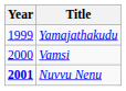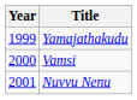 <table class="wikitable">
 <tr style="background:#ccc; text-align:center;">
 <th>Year</th>
 <th>Title</th>
 </tr>
 <tr>
 <td><a href='#'>1999</a></td>
 <td><em><a href='#'>Yamajathakudu</a> </em></td>
 </tr>
 <tr>
 <td><a href='#'>2000</a></td>
 <td><em><a href='#'>Vamsi</a></em></td>
 </tr>
 <tr>
-<td><strong><a href='#'>2001</a></strong></td>
+<td><a href='#'>2001</a></td>
 <td><em><a href='#'>Nuvvu Nenu</a> </em></td>
 </tr>
 </table>
